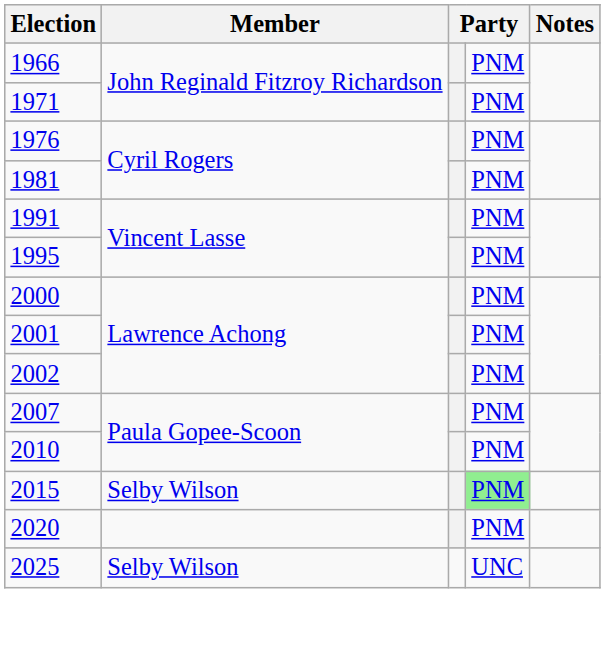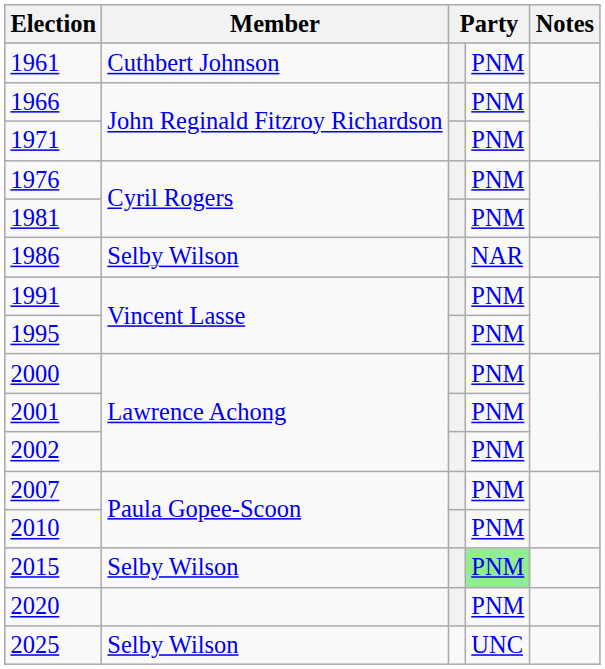 <table class="wikitable sortable">
 <tr>
 <th>Election</th>
 <th>Member</th>
 <th colspan="2">Party</th>
 <th>Notes</th>
+</tr>
+<tr>
+<td><a href='#'>1961</a></td>
+<td><a href='#'>Cuthbert Johnson</a></td>
+<th style="background-color: "></th>
+<td><a href='#'>PNM</a></td>
+<td></td>
 </tr>
 <tr>
 <td><a href='#'>1966</a></td>
 <td rowspan="2"><a href='#'>John Reginald Fitzroy Richardson</a></td>
 <th style="background-color: "></th>
 <td><a href='#'>PNM</a></td>
 <td rowspan="2"></td>
 </tr>
 <tr>
 <td><a href='#'>1971</a></td>
 <th style="background-color: "></th>
 <td><a href='#'>PNM</a></td>
 </tr>
 <tr>
 <td><a href='#'>1976</a></td>
 <td rowspan="2"><a href='#'>Cyril Rogers</a></td>
 <th style="background-color: "></th>
 <td><a href='#'>PNM</a></td>
 <td rowspan="2"></td>
 </tr>
 <tr>
 <td><a href='#'>1981</a></td>
 <th style="background-color: "></th>
 <td><a href='#'>PNM</a></td>
+</tr>
+<tr>
+<td><a href='#'>1986</a></td>
+<td><a href='#'>Selby Wilson</a></td>
+<th style="background-color: "></th>
+<td><a href='#'>NAR</a></td>
+<td></td>
 </tr>
 <tr>
 <td><a href='#'>1991</a></td>
 <td rowspan="2"><a href='#'>Vincent Lasse</a></td>
 <th style="background-color: "></th>
 <td><a href='#'>PNM</a></td>
 <td rowspan="2"></td>
 </tr>
 <tr>
 <td><a href='#'>1995</a></td>
 <th style="background-color: "></th>
 <td><a href='#'>PNM</a></td>
 </tr>
 <tr>
 <td><a href='#'>2000</a></td>
 <td rowspan="3"><a href='#'>Lawrence Achong</a></td>
 <th style="background-color: "></th>
 <td><a href='#'>PNM</a></td>
 <td rowspan="3"></td>
 </tr>
 <tr>
 <td><a href='#'>2001</a></td>
 <th style="background-color: "></th>
 <td><a href='#'>PNM</a></td>
 </tr>
 <tr>
 <td><a href='#'>2002</a></td>
 <th style="background-color: "></th>
 <td><a href='#'>PNM</a></td>
 </tr>
 <tr>
 <td><a href='#'>2007</a></td>
 <td rowspan="2"><a href='#'>Paula Gopee-Scoon</a></td>
 <th style="background-color: "></th>
 <td><a href='#'>PNM</a></td>
 <td rowspan="2"></td>
 </tr>
 <tr>
 <td><a href='#'>2010</a></td>
 <th style="background-color: "></th>
 <td><a href='#'>PNM</a></td>
 </tr>
 <tr>
 <td><a href='#'>2015</a></td>
 <td><a href='#'>Selby Wilson</a></td>
 <th style="background-color: "></th>
 <td style="background: lightgreen;"><a href='#'>PNM</a></td>
 <td></td>
 </tr>
 <tr>
 <td><a href='#'>2020</a></td>
 <td></td>
 <th style="background-color: "></th>
 <td><a href='#'>PNM</a></td>
 <td></td>
 </tr>
 <tr>
 <td><a href='#'>2025</a></td>
 <td><a href='#'>Selby Wilson</a></td>
 <td style="background:"> </td>
 <td><a href='#'>UNC</a></td>
 <td></td>
 </tr>
 </table>
